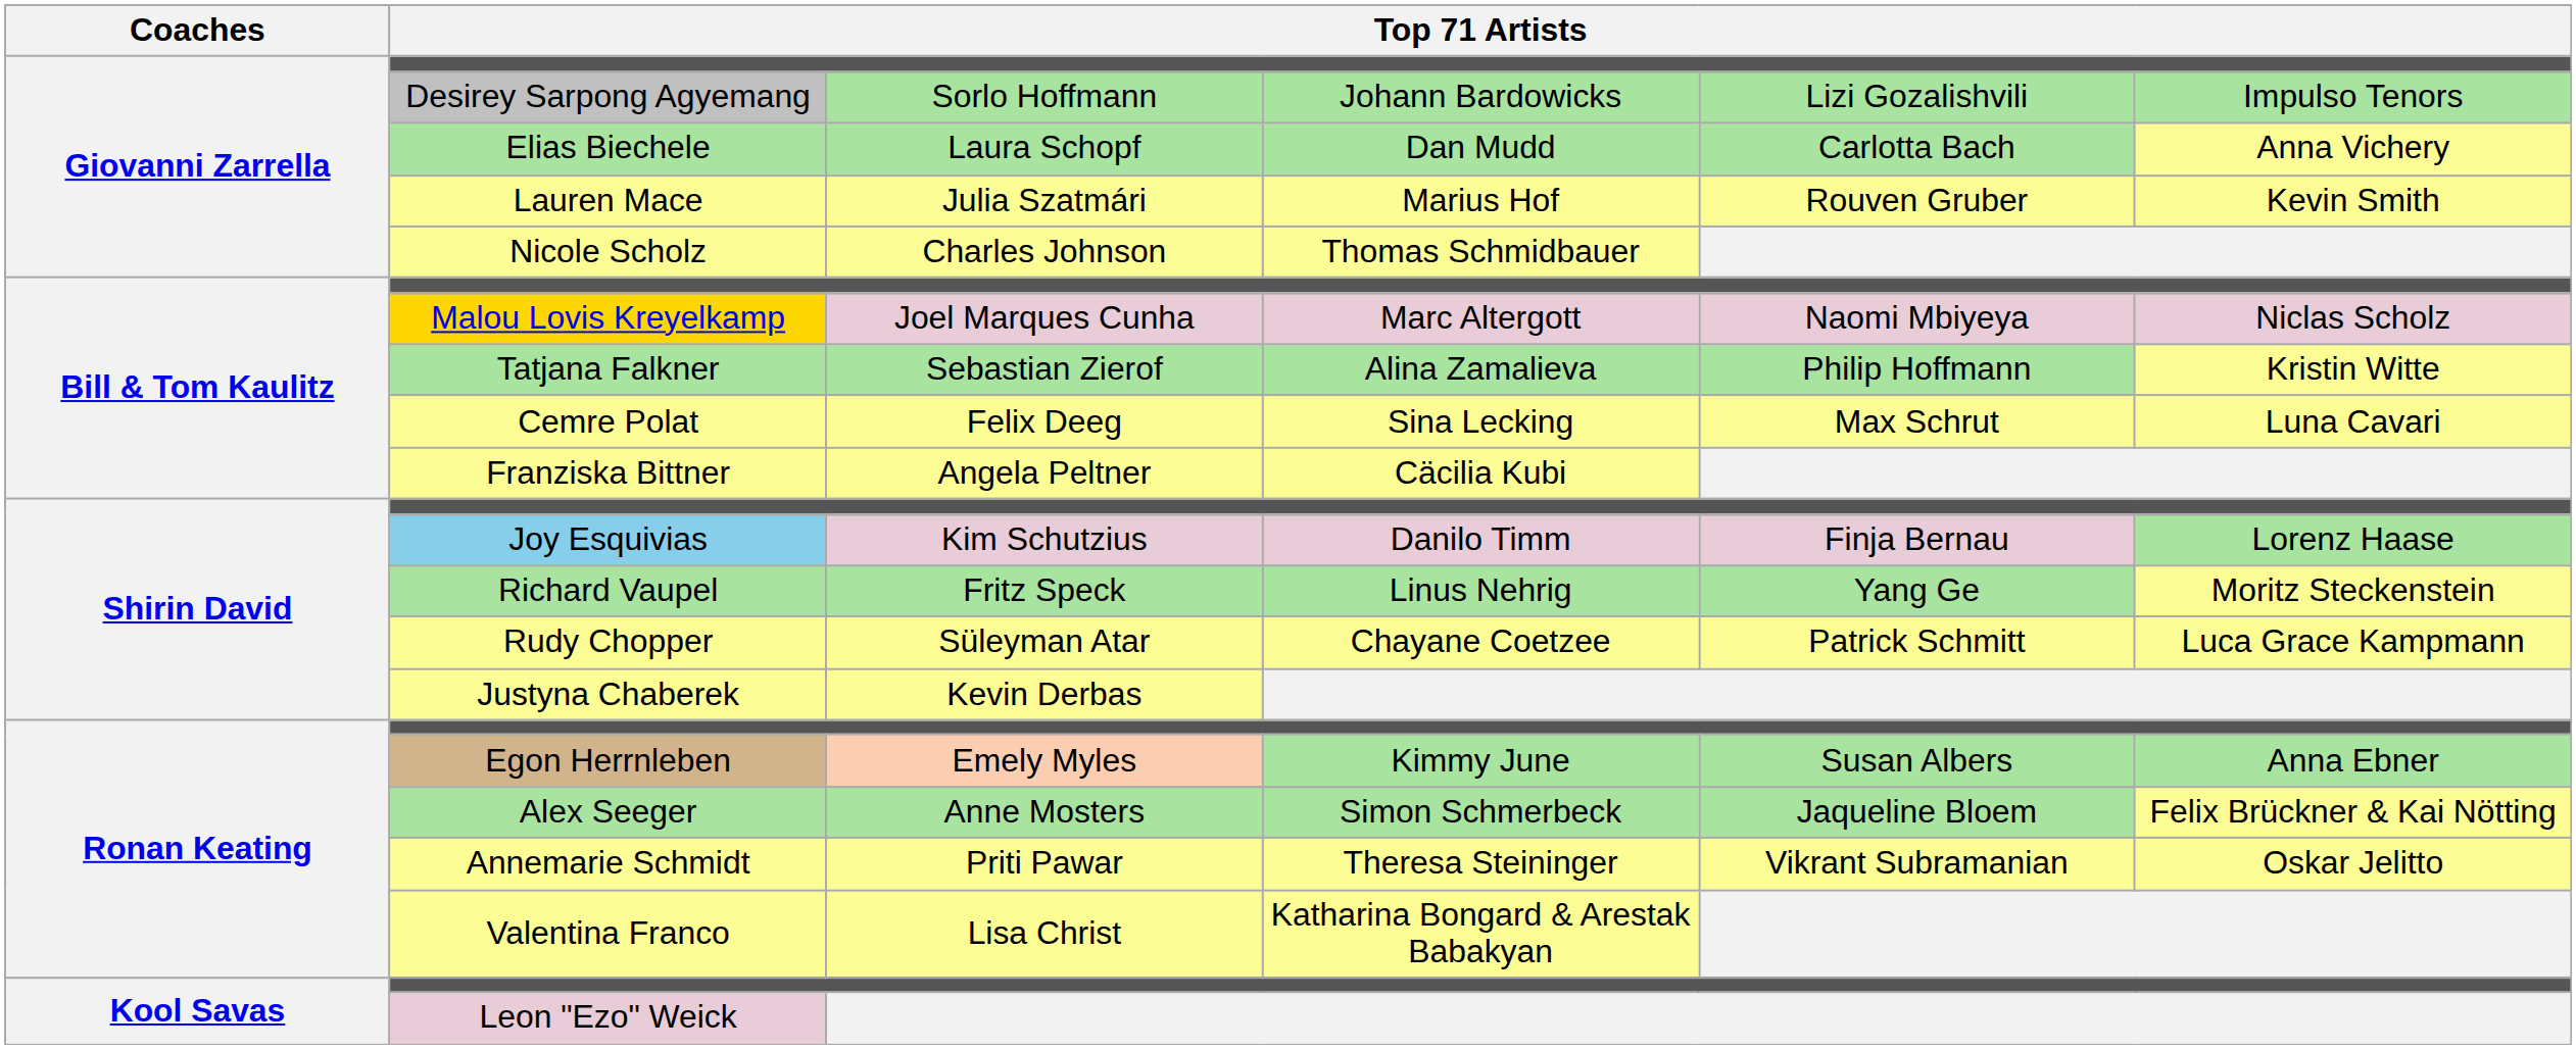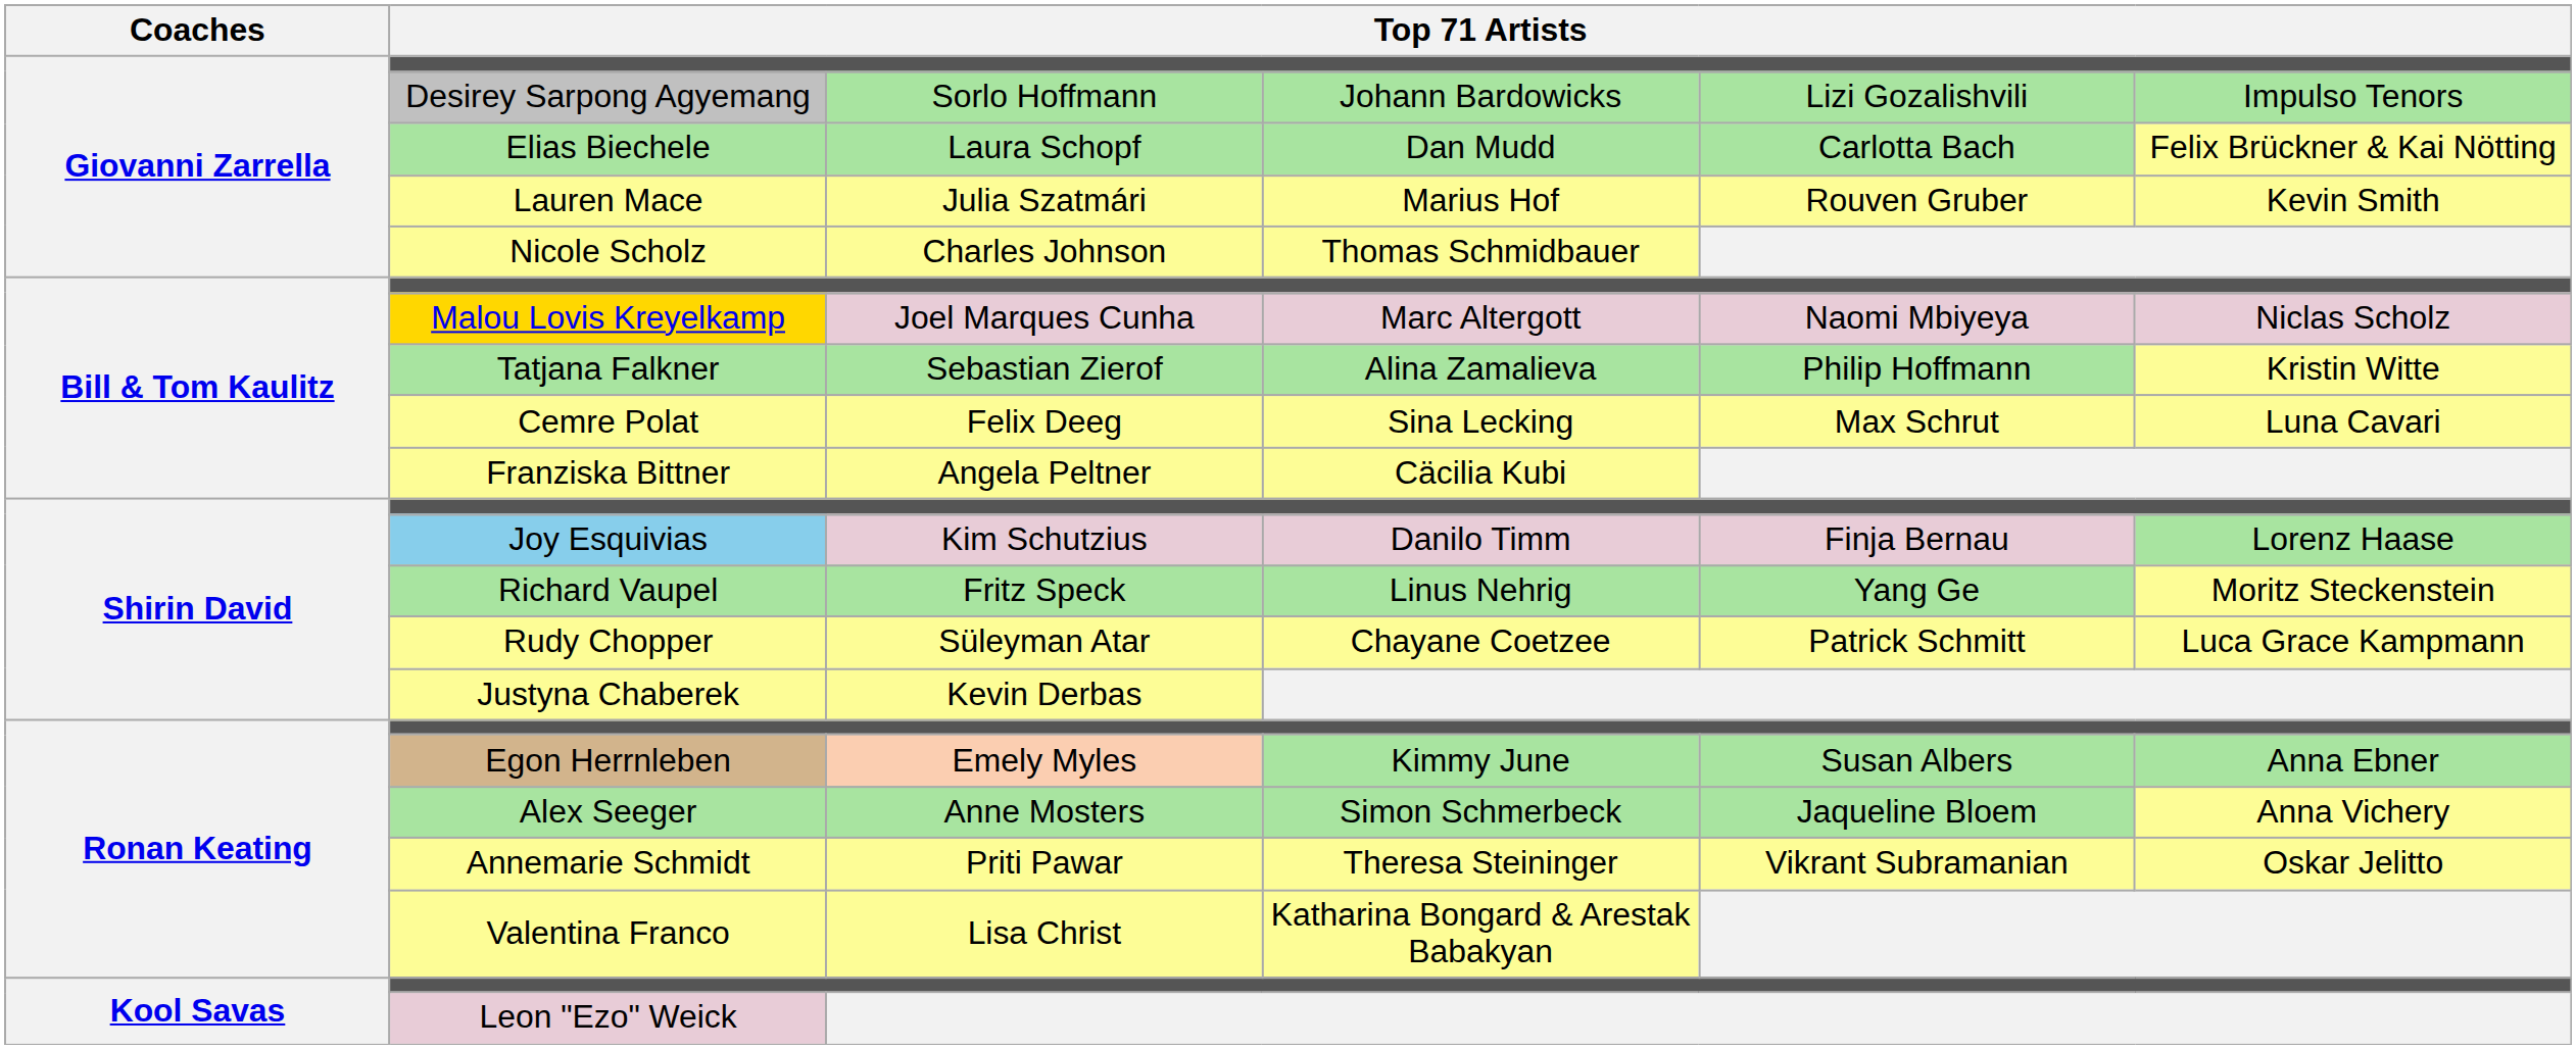 <table class="wikitable" style="text-align:center; width:100%">
 <tr>
 <th scope="col" style="width:15%">Coaches</th>
 <th scope="col" style="width:85%" colspan="5">Top 71 Artists</th>
 </tr>
 <tr>
 <th rowspan="5"><a href='#'>Giovanni Zarrella</a></th>
 <td colspan="5" style="background:#555555"></td>
 </tr>
 <tr>
 <td style="background:silver">Desirey Sarpong Agyemang</td>
 <td style="background:#A8E4A0">Sorlo Hoffmann</td>
 <td style="background:#A8E4A0">Johann Bardowicks</td>
 <td style="background:#A8E4A0">Lizi Gozalishvili</td>
 <td style="background:#A8E4A0">Impulso Tenors</td>
 </tr>
 <tr>
 <td style="background:#A8E4A0">Elias Biechele</td>
 <td style="background:#A8E4A0">Laura Schopf</td>
 <td style="background:#A8E4A0" width="17%">Dan Mudd</td>
 <td style="background:#A8E4A0" width="17%">Carlotta Bach</td>
-<td style="background:#FDFD96" width="17%">Anna Vichery</td>
+<td style="background:#FDFD96">Felix Brückner & Kai Nötting</td>
 </tr>
 <tr>
 <td style="background:#FDFD96" width="17%">Lauren Mace</td>
 <td style="background:#FDFD96" width="17%">Julia Szatmári</td>
 <td style="background:#FDFD96" width="17%">Marius Hof</td>
 <td style="background:#FDFD96">Rouven Gruber</td>
 <td style="background:#FDFD96" width="17%">Kevin Smith</td>
 </tr>
 <tr>
 <td style="background:#FDFD96" width="17%">Nicole Scholz</td>
 <td style="background:#FDFD96" width="17%">Charles Johnson</td>
 <td style="background:#FDFD96" width="17%">Thomas Schmidbauer</td>
 <th colspan="2"></th>
 </tr>
 <tr>
 <th rowspan="5"><a href='#'>Bill & Tom Kaulitz</a></th>
 <td colspan="5" style="background:#555555"></td>
 </tr>
 <tr>
 <td style="background:gold"><a href='#'>Malou Lovis Kreyelkamp</a></td>
 <td style="background:#E8CCD7">Joel Marques Cunha</td>
 <td style="background:#E8CCD7">Marc Altergott</td>
 <td style="background:#E8CCD7">Naomi Mbiyeya</td>
 <td style="background:#E8CCD7">Niclas Scholz</td>
 </tr>
 <tr>
 <td style="background:#A8E4A0">Tatjana Falkner</td>
 <td style="background:#A8E4A0">Sebastian Zierof</td>
 <td style="background:#A8E4A0" width="17%">Alina Zamalieva</td>
 <td style="background:#A8E4A0" width="17%">Philip Hoffmann</td>
 <td style="background:#FDFD96">Kristin Witte</td>
 </tr>
 <tr>
 <td style="background:#FDFD96">Cemre Polat</td>
 <td style="background:#FDFD96">Felix Deeg</td>
 <td style="background:#FDFD96">Sina Lecking</td>
 <td style="background:#FDFD96">Max Schrut</td>
 <td style="background:#FDFD96">Luna Cavari</td>
 </tr>
 <tr>
 <td style="background:#FDFD96">Franziska Bittner</td>
 <td style="background:#FDFD96">Angela Peltner</td>
 <td style="background:#FDFD96">Cäcilia Kubi</td>
 <th colspan="2"></th>
 </tr>
 <tr>
 <th rowspan="5"><a href='#'>Shirin David</a></th>
 <td colspan="5" style="background:#555555"></td>
 </tr>
 <tr>
 <td style="background:skyblue">Joy Esquivias</td>
 <td style="background:#E8CCD7">Kim Schutzius</td>
 <td style="background:#E8CCD7">Danilo Timm</td>
 <td style="background:#E8CCD7">Finja Bernau</td>
 <td style="background:#A8E4A0">Lorenz Haase</td>
 </tr>
 <tr>
 <td style="background:#A8E4A0">Richard Vaupel</td>
 <td style="background:#A8E4A0">Fritz Speck</td>
 <td style="background:#A8E4A0" width="17%">Linus Nehrig</td>
 <td style="background:#A8E4A0" width="17%">Yang Ge</td>
 <td style="background:#FDFD96">Moritz Steckenstein</td>
 </tr>
 <tr>
 <td style="background:#FDFD96">Rudy Chopper</td>
 <td style="background:#FDFD96">Süleyman Atar</td>
 <td style="background:#FDFD96">Chayane Coetzee</td>
 <td style="background:#FDFD96" width="17%">Patrick Schmitt</td>
 <td style="background:#FDFD96;">Luca Grace Kampmann</td>
 </tr>
 <tr>
 <td style="background:#FDFD96;">Justyna Chaberek</td>
 <td style="background:#FDFD96;">Kevin Derbas</td>
 <th colspan="3"></th>
 </tr>
 <tr>
 <th rowspan="5"><a href='#'>Ronan Keating</a></th>
 <td colspan="5" style="background:#555555"></td>
 </tr>
 <tr>
 <td style="background:tan">Egon Herrnleben</td>
 <td style="background:#FBCEB1">Emely Myles</td>
 <td style="background:#A8E4A0">Kimmy June</td>
 <td style="background:#A8E4A0">Susan Albers</td>
 <td style="background:#A8E4A0">Anna Ebner</td>
 </tr>
 <tr>
 <td style="background:#A8E4A0">Alex Seeger</td>
 <td style="background:#A8E4A0">Anne Mosters</td>
 <td style="background:#A8E4A0" width="17%">Simon Schmerbeck</td>
 <td style="background:#A8E4A0" width="17%">Jaqueline Bloem</td>
-<td style="background:#FDFD96">Felix Brückner & Kai Nötting</td>
+<td style="background:#FDFD96" width="17%">Anna Vichery</td>
 </tr>
 <tr>
 <td style="background:#FDFD96">Annemarie Schmidt</td>
 <td style="background:#FDFD96">Priti Pawar</td>
 <td style="background:#FDFD96">Theresa Steininger</td>
 <td style="background:#FDFD96">Vikrant Subramanian</td>
 <td style="background:#FDFD96">Oskar Jelitto</td>
 </tr>
 <tr>
 <td style="background:#FDFD96">Valentina Franco</td>
 <td style="background:#FDFD96">Lisa Christ</td>
 <td style="background:#FDFD96">Katharina Bongard & Arestak Babakyan</td>
 <th colspan="2"></th>
 </tr>
 <tr>
 <th rowspan="2"><a href='#'>Kool Savas</a></th>
 <td colspan="5" style="background:#555555"></td>
 </tr>
 <tr>
 <td style="background:#E8CCD7">Leon "Ezo" Weick</td>
 <th colspan="4"></th>
 </tr>
 </table>
